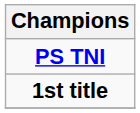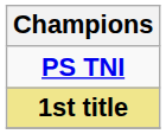 <table class="wikitable" style="text-align: center; margin: 0 auto;">
 <tr>
 <th>Champions</th>
 </tr>
 <tr>
 <td><strong><a href='#'>PS TNI</a></strong></td>
 </tr>
 <tr>
-<td><strong>1st title</strong></td>
+<td style="background: khaki;"><strong>1st title</strong></td>
 </tr>
 <tr>
 </tr>
 </table>
